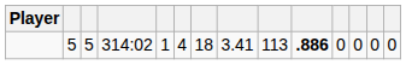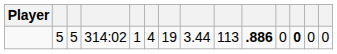 <table class="wikitable sortable" style="text-align:center;">
 <tr>
 <th>Player</th>
 <th></th>
 <th></th>
 <th></th>
 <th></th>
 <th></th>
 <th></th>
 <th></th>
 <th></th>
 <th></th>
 <th></th>
 <th></th>
 <th></th>
 <th></th>
 </tr>
 <tr>
 <td></td>
 <td>5</td>
 <td>5</td>
 <td>314:02</td>
 <td>1</td>
 <td>4</td>
-<td>18</td>
-<td>3.41</td>
+<td>19</td>
+<td>3.44</td>
 <td>113</td>
 <td><strong>.886</strong></td>
 <td>0</td>
-<td>0</td>
+<td><strong>0</strong></td>
 <td>0</td>
 <td>0</td>
 </tr>
 </table>
